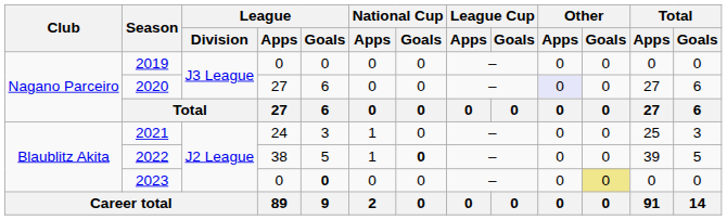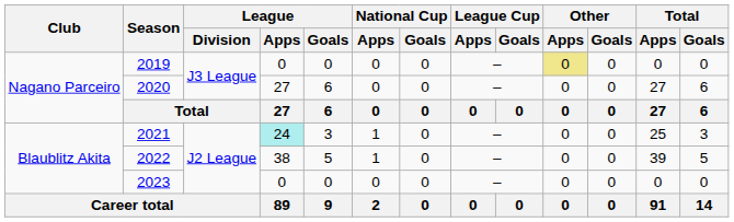 <table class="wikitable" style="text-align: center">
 <tr>
 <th rowspan="2">Club</th>
 <th rowspan="2">Season</th>
 <th colspan="3">League</th>
 <th colspan="2">National Cup</th>
 <th colspan="2">League Cup</th>
 <th colspan="2">Other</th>
 <th colspan="2">Total</th>
 </tr>
 <tr>
 <th>Division</th>
 <th>Apps</th>
 <th>Goals</th>
 <th>Apps</th>
 <th>Goals</th>
 <th>Apps</th>
 <th>Goals</th>
 <th>Apps</th>
 <th>Goals</th>
 <th>Apps</th>
 <th>Goals</th>
 </tr>
 <tr>
 <td rowspan="3"><a href='#'>Nagano Parceiro</a></td>
 <td><a href='#'>2019</a></td>
 <td rowspan="2"><a href='#'>J3 League</a></td>
 <td>0</td>
 <td>0</td>
 <td>0</td>
 <td>0</td>
 <td colspan="2">–</td>
-<td>0</td>
+<td style="background: khaki;">0</td>
 <td>0</td>
 <td>0</td>
 <td>0</td>
 </tr>
 <tr>
 <td><a href='#'>2020</a></td>
 <td>27</td>
 <td>6</td>
 <td>0</td>
 <td>0</td>
 <td colspan="2">–</td>
-<td style="background: lavender;">0</td>
+<td>0</td>
 <td>0</td>
 <td>27</td>
 <td>6</td>
 </tr>
 <tr>
 <th colspan=2>Total</th>
 <th>27</th>
 <th>6</th>
 <th>0</th>
 <th>0</th>
 <th>0</th>
 <th>0</th>
 <th>0</th>
 <th>0</th>
 <th>27</th>
 <th>6</th>
 </tr>
 <tr>
 <td rowspan=3><a href='#'>Blaublitz Akita</a></td>
 <td><a href='#'>2021</a></td>
 <td rowspan=3><a href='#'>J2 League</a></td>
-<td>24</td>
+<td style="background: paleturquoise;">24</td>
 <td>3</td>
 <td>1</td>
 <td>0</td>
 <td colspan="2">–</td>
 <td>0</td>
 <td>0</td>
 <td>25</td>
 <td>3</td>
 </tr>
 <tr>
 <td><a href='#'>2022</a></td>
 <td>38</td>
 <td>5</td>
 <td>1</td>
-<td><strong>0</strong></td>
+<td>0</td>
 <td colspan="2">–</td>
 <td>0</td>
 <td>0</td>
 <td>39</td>
 <td>5</td>
 </tr>
 <tr>
 <td><a href='#'>2023</a></td>
 <td>0</td>
-<td><strong>0</strong></td>
+<td>0</td>
 <td>0</td>
 <td>0</td>
 <td colspan="2">–</td>
 <td>0</td>
-<td style="background: khaki;">0</td>
+<td>0</td>
 <td>0</td>
 <td>0</td>
 </tr>
 <tr>
 <th colspan=3>Career total</th>
 <th>89</th>
 <th>9</th>
 <th>2</th>
 <th>0</th>
 <th>0</th>
 <th>0</th>
 <th>0</th>
 <th>0</th>
 <th>91</th>
 <th>14</th>
 </tr>
 </table>
